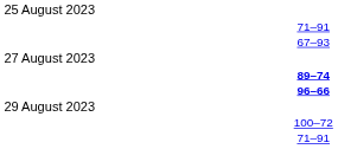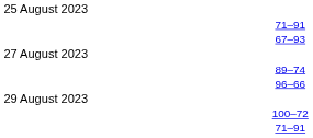 <table style="width:100%;" cellspacing="1">
 <tr>
 <th width=25%></th>
 <th width=2%></th>
 <th width=6%></th>
 <th width=2%></th>
 <th width=25%></th>
 </tr>
 <tr>
 <td>25 August 2023</td>
 </tr>
 <tr style=font-size:90%>
 <td align=right></td>
 <td></td>
 <td align=center><a href='#'>71–91</a></td>
 <td></td>
 <td></td>
 <td></td>
 </tr>
 <tr style=font-size:90%>
 <td align=right></td>
 <td></td>
 <td align=center><a href='#'>67–93</a></td>
 <td></td>
 <td></td>
 <td></td>
 </tr>
 <tr>
 <td>27 August 2023</td>
 </tr>
 <tr style=font-size:90%>
 <td align=right></td>
 <td></td>
-<td align=center><strong><a href='#'>89–74</a></strong></td>
+<td align=center><a href='#'>89–74</a></td>
 <td></td>
 <td></td>
 <td></td>
 </tr>
 <tr style=font-size:90%>
 <td align=right></td>
 <td></td>
-<td align=center><strong><a href='#'>96–66</a></strong></td>
+<td align=center><a href='#'>96–66</a></td>
 <td></td>
 <td></td>
 <td></td>
 </tr>
 <tr>
 <td>29 August 2023</td>
 </tr>
 <tr style=font-size:90%>
 <td align=right></td>
 <td></td>
 <td align=center><a href='#'>100–72</a></td>
 <td></td>
 <td></td>
 <td></td>
 </tr>
 <tr style=font-size:90%>
 <td align=right></td>
 <td></td>
 <td align=center><a href='#'>71–91</a></td>
 <td></td>
 <td></td>
 <td></td>
 </tr>
 </table>
